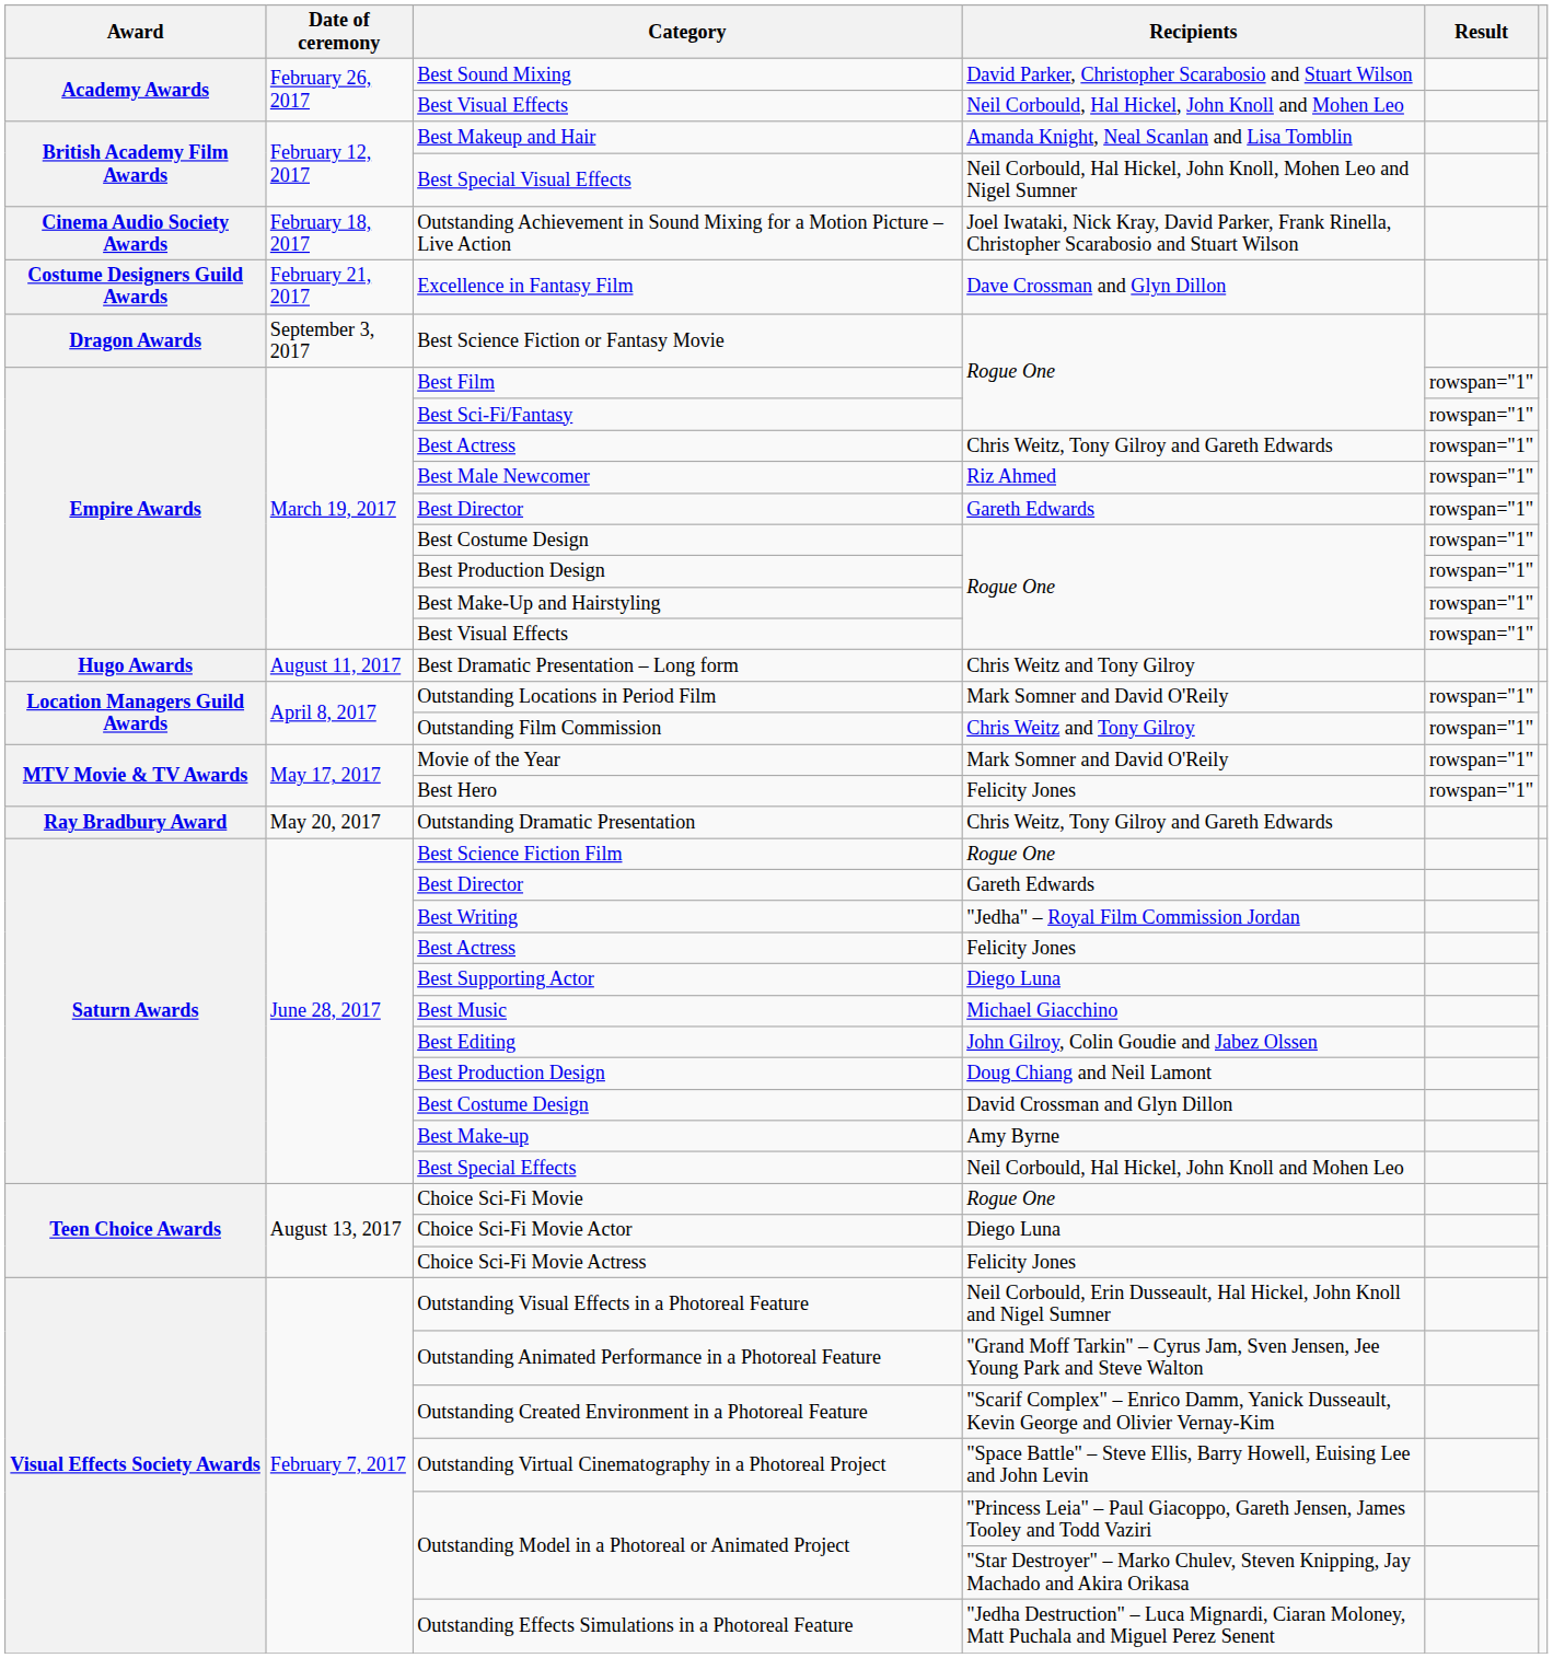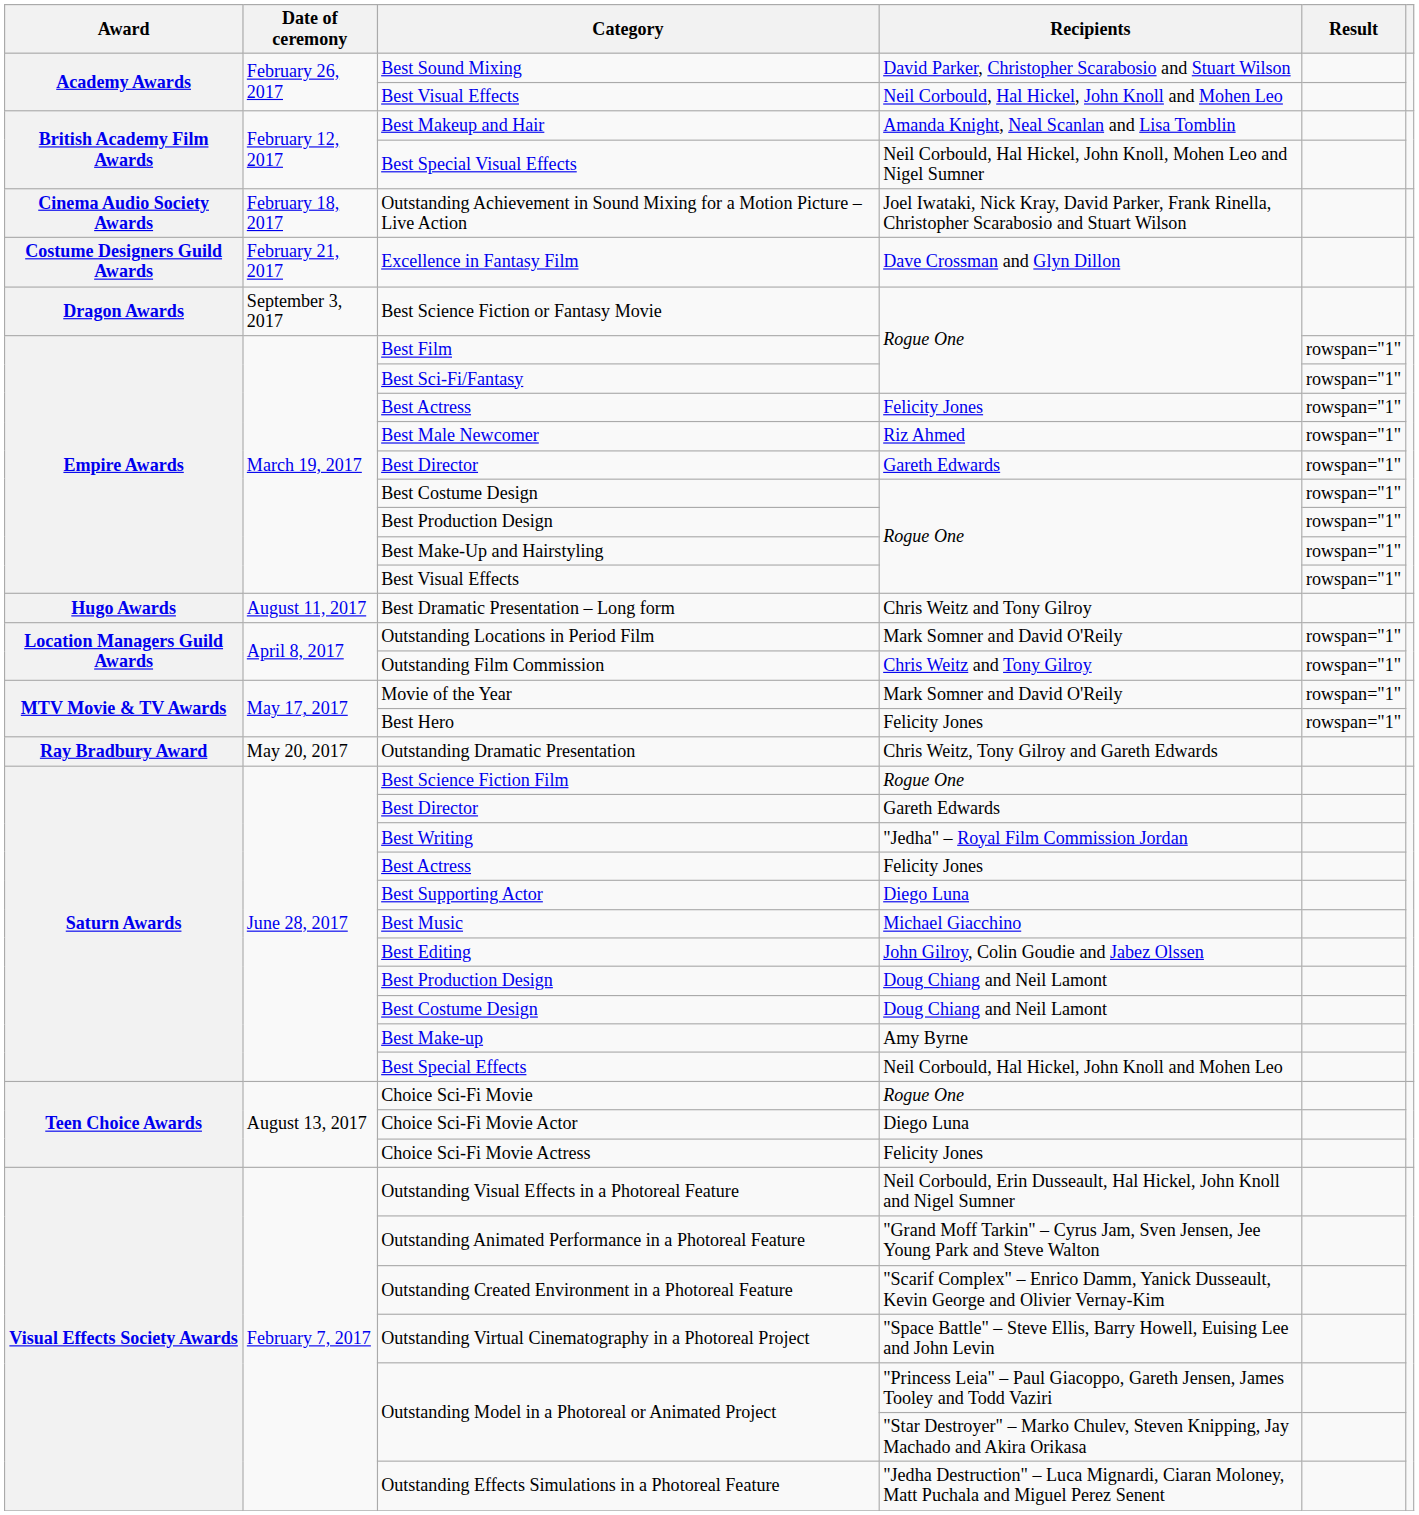 <table class="wikitable plainrowheaders sortable">
 <tr style="background:#ccc; text-align:center;">
 <th scope="col">Award</th>
 <th scope="col">Date of ceremony</th>
 <th scope="col">Category</th>
 <th scope="col" style="width:30%;">Recipients</th>
 <th scope="col">Result</th>
 <th scope="col" class="unsortable"></th>
 </tr>
 <tr>
 <th scope="row" rowspan="2"><a href='#'>Academy Awards</a></th>
 <td rowspan="2"><a href='#'>February 26, 2017</a></td>
 <td><a href='#'>Best Sound Mixing</a></td>
 <td><a href='#'>David Parker</a>, <a href='#'>Christopher Scarabosio</a> and <a href='#'>Stuart Wilson</a></td>
 <td></td>
 <td rowspan="2" style="text-align:center;"></td>
 </tr>
 <tr>
 <td><a href='#'>Best Visual Effects</a></td>
 <td><a href='#'>Neil Corbould</a>, <a href='#'>Hal Hickel</a>, <a href='#'>John Knoll</a> and <a href='#'>Mohen Leo</a></td>
 <td></td>
 </tr>
 <tr>
 <th scope="row" rowspan="2"><a href='#'>British Academy Film Awards</a></th>
 <td rowspan=2><a href='#'>February 12, 2017</a></td>
 <td><a href='#'>Best Makeup and Hair</a></td>
 <td><a href='#'>Amanda Knight</a>, <a href='#'>Neal Scanlan</a> and <a href='#'>Lisa Tomblin</a></td>
 <td></td>
 <td rowspan="2" style="text-align:center;"></td>
 </tr>
 <tr>
 <td><a href='#'>Best Special Visual Effects</a></td>
 <td>Neil Corbould, Hal Hickel, John Knoll, Mohen Leo and Nigel Sumner</td>
 <td></td>
 </tr>
 <tr>
 <th scope="row"><a href='#'>Cinema Audio Society Awards</a></th>
 <td><a href='#'>February 18, 2017</a></td>
 <td>Outstanding Achievement in Sound Mixing for a Motion Picture – Live Action</td>
 <td>Joel Iwataki, Nick Kray, David Parker, Frank Rinella, Christopher Scarabosio and Stuart Wilson</td>
 <td></td>
 <td style="text-align:center;"></td>
 </tr>
 <tr>
 <th scope="row"><a href='#'>Costume Designers Guild Awards</a></th>
 <td><a href='#'>February 21, 2017</a></td>
 <td><a href='#'>Excellence in Fantasy Film</a></td>
 <td><a href='#'>Dave Crossman</a> and <a href='#'>Glyn Dillon</a></td>
 <td></td>
 <td style="text-align:center;"></td>
 </tr>
 <tr>
 <th scope="row"><a href='#'>Dragon Awards</a></th>
 <td>September 3, 2017</td>
 <td>Best Science Fiction or Fantasy Movie</td>
 <td rowspan="3"><em>Rogue One</em></td>
 <td></td>
 <td style="text-align:center;"></td>
 </tr>
 <tr>
 <th scope="row" rowspan="9"><a href='#'>Empire Awards</a></th>
 <td rowspan="9"><a href='#'>March 19, 2017</a></td>
 <td><a href='#'>Best Film</a></td>
 <td>rowspan="1" </td>
 <td rowspan="9" style="text-align:center;"></td>
 </tr>
 <tr>
 <td><a href='#'>Best Sci-Fi/Fantasy</a></td>
 <td>rowspan="1" </td>
 </tr>
 <tr>
 <td><a href='#'>Best Actress</a></td>
-<td>Chris Weitz, Tony Gilroy and Gareth Edwards</td>
+<td><a href='#'>Felicity Jones</a></td>
 <td>rowspan="1" </td>
 </tr>
 <tr>
 <td><a href='#'>Best Male Newcomer</a></td>
 <td><a href='#'>Riz Ahmed</a></td>
 <td>rowspan="1" </td>
 </tr>
 <tr>
 <td><a href='#'>Best Director</a></td>
 <td><a href='#'>Gareth Edwards</a></td>
 <td>rowspan="1" </td>
 </tr>
 <tr>
 <td>Best Costume Design</td>
 <td rowspan="4"><em>Rogue One</em></td>
 <td>rowspan="1" </td>
 </tr>
 <tr>
 <td>Best Production Design</td>
 <td>rowspan="1" </td>
 </tr>
 <tr>
 <td>Best Make-Up and Hairstyling</td>
 <td>rowspan="1" </td>
 </tr>
 <tr>
 <td>Best Visual Effects</td>
 <td>rowspan="1" </td>
 </tr>
 <tr>
 <th scope="row"><a href='#'>Hugo Awards</a></th>
 <td><a href='#'>August 11, 2017</a></td>
 <td>Best Dramatic Presentation – Long form</td>
 <td>Chris Weitz and Tony Gilroy</td>
 <td></td>
 <td style="text-align:center;"></td>
 </tr>
 <tr>
 <th scope="row" rowspan=2><a href='#'>Location Managers Guild Awards</a></th>
 <td rowspan=2><a href='#'>April 8, 2017</a></td>
 <td>Outstanding Locations in Period Film</td>
 <td>Mark Somner and David O'Reily</td>
 <td>rowspan="1" </td>
 <td style="text-align:center;" rowspan=2></td>
 </tr>
 <tr>
 <td>Outstanding Film Commission</td>
 <td><a href='#'>Chris Weitz</a> and <a href='#'>Tony Gilroy</a></td>
 <td>rowspan="1" </td>
 </tr>
 <tr>
 <th scope="row" rowspan=2><a href='#'>MTV Movie & TV Awards</a></th>
 <td rowspan=2><a href='#'>May 17, 2017</a></td>
 <td>Movie of the Year</td>
 <td>Mark Somner and David O'Reily</td>
 <td>rowspan="1" </td>
 <td style="text-align:center;" rowspan=2></td>
 </tr>
 <tr>
 <td>Best Hero</td>
 <td>Felicity Jones</td>
 <td>rowspan="1" </td>
 </tr>
 <tr>
 <th scope="row"><a href='#'>Ray Bradbury Award</a></th>
 <td>May 20, 2017</td>
 <td>Outstanding Dramatic Presentation</td>
 <td>Chris Weitz, Tony Gilroy and Gareth Edwards</td>
 <td></td>
 <td style="text-align:center;"></td>
 </tr>
 <tr>
 <th scope="row" rowspan="11"><a href='#'>Saturn Awards</a></th>
 <td rowspan="11"><a href='#'>June 28, 2017</a></td>
 <td><a href='#'>Best Science Fiction Film</a></td>
 <td><em>Rogue One</em></td>
 <td></td>
 <td rowspan="11" style="text-align:center;"></td>
 </tr>
 <tr>
 <td><a href='#'>Best Director</a></td>
 <td>Gareth Edwards</td>
 <td></td>
 </tr>
 <tr>
 <td><a href='#'>Best Writing</a></td>
 <td>"Jedha" – <a href='#'>Royal Film Commission Jordan</a></td>
 <td></td>
 </tr>
 <tr>
 <td><a href='#'>Best Actress</a></td>
 <td>Felicity Jones</td>
 <td></td>
 </tr>
 <tr>
 <td><a href='#'>Best Supporting Actor</a></td>
 <td><a href='#'>Diego Luna</a></td>
 <td></td>
 </tr>
 <tr>
 <td><a href='#'>Best Music</a></td>
 <td><a href='#'>Michael Giacchino</a></td>
 <td></td>
 </tr>
 <tr>
 <td><a href='#'>Best Editing</a></td>
 <td><a href='#'>John Gilroy</a>, Colin Goudie and <a href='#'>Jabez Olssen</a></td>
 <td></td>
 </tr>
 <tr>
 <td><a href='#'>Best Production Design</a></td>
 <td><a href='#'>Doug Chiang</a> and Neil Lamont</td>
 <td></td>
 </tr>
 <tr>
 <td><a href='#'>Best Costume Design</a></td>
-<td>David Crossman and Glyn Dillon</td>
+<td><a href='#'>Doug Chiang</a> and Neil Lamont</td>
 <td></td>
 </tr>
 <tr>
 <td><a href='#'>Best Make-up</a></td>
 <td>Amy Byrne</td>
 <td></td>
 </tr>
 <tr>
 <td><a href='#'>Best Special Effects</a></td>
 <td>Neil Corbould, Hal Hickel, John Knoll and Mohen Leo</td>
 <td></td>
 </tr>
 <tr>
 <th scope="row" rowspan=3><a href='#'>Teen Choice Awards</a></th>
 <td rowspan=3>August 13, 2017</td>
 <td>Choice Sci-Fi Movie</td>
 <td><em>Rogue One</em></td>
 <td></td>
 <td rowspan=3 style="text-align:center;"></td>
 </tr>
 <tr>
 <td>Choice Sci-Fi Movie Actor</td>
 <td>Diego Luna</td>
 <td></td>
 </tr>
 <tr>
 <td>Choice Sci-Fi Movie Actress</td>
 <td>Felicity Jones</td>
 <td></td>
 </tr>
 <tr>
 <th scope="row" rowspan="7"><a href='#'>Visual Effects Society Awards</a></th>
 <td rowspan="7"><a href='#'>February 7, 2017</a></td>
 <td>Outstanding Visual Effects in a Photoreal Feature</td>
 <td>Neil Corbould, Erin Dusseault, Hal Hickel, John Knoll and Nigel Sumner</td>
 <td></td>
 <td rowspan="7" style="text-align:center;"></td>
 </tr>
 <tr>
 <td>Outstanding Animated Performance in a Photoreal Feature</td>
 <td>"Grand Moff Tarkin" – Cyrus Jam, Sven Jensen, Jee Young Park and Steve Walton</td>
 <td></td>
 </tr>
 <tr>
 <td>Outstanding Created Environment in a Photoreal Feature</td>
 <td>"Scarif Complex" – Enrico Damm, Yanick Dusseault, Kevin George and Olivier Vernay-Kim</td>
 <td></td>
 </tr>
 <tr>
 <td>Outstanding Virtual Cinematography in a Photoreal Project</td>
 <td>"Space Battle" – Steve Ellis, Barry Howell, Euising Lee and John Levin</td>
 <td></td>
 </tr>
 <tr>
 <td rowspan="2">Outstanding Model in a Photoreal or Animated Project</td>
 <td>"Princess Leia" – Paul Giacoppo, Gareth Jensen, James Tooley and Todd Vaziri</td>
 <td></td>
 </tr>
 <tr>
 <td>"Star Destroyer" – Marko Chulev, Steven Knipping, Jay Machado and Akira Orikasa</td>
 <td></td>
 </tr>
 <tr>
 <td>Outstanding Effects Simulations in a Photoreal Feature</td>
 <td>"Jedha Destruction" – Luca Mignardi, Ciaran Moloney, Matt Puchala and Miguel Perez Senent</td>
 <td></td>
 </tr>
 </table>
